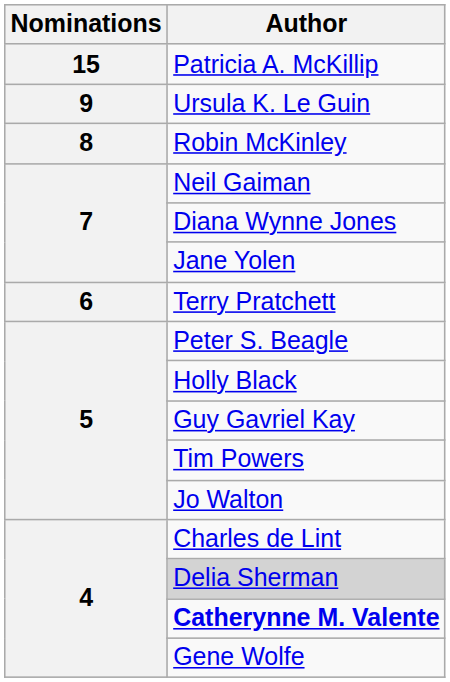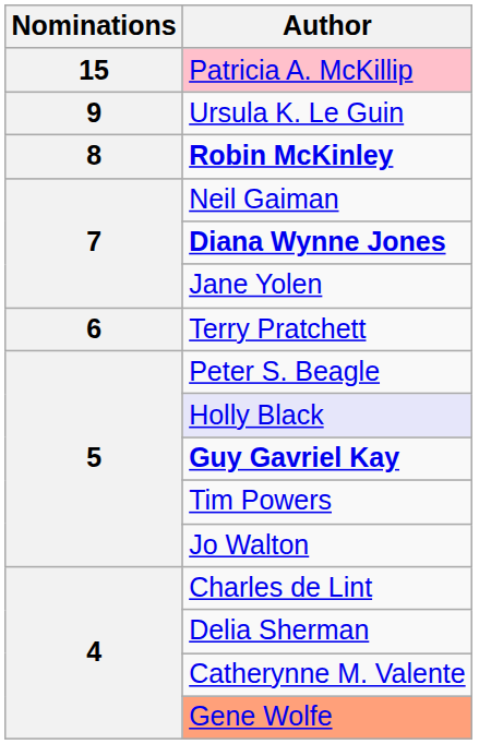 <table class="sortable wikitable">
 <tr>
 <th scope="col">Nominations</th>
 <th scope="col">Author</th>
 </tr>
 <tr>
 <th>15</th>
-<td><a href='#'>Patricia A. McKillip</a></td>
+<td style="background: pink;"><a href='#'>Patricia A. McKillip</a></td>
 </tr>
 <tr>
 <th>9</th>
 <td><a href='#'>Ursula K. Le Guin</a></td>
 </tr>
 <tr>
 <th>8</th>
-<td><a href='#'>Robin McKinley</a></td>
+<td><strong><a href='#'>Robin McKinley</a></strong></td>
 </tr>
 <tr>
 <th rowspan=3>7</th>
 <td><a href='#'>Neil Gaiman</a></td>
 </tr>
 <tr>
-<td><a href='#'>Diana Wynne Jones</a></td>
+<td><strong><a href='#'>Diana Wynne Jones</a></strong></td>
 </tr>
 <tr>
 <td><a href='#'>Jane Yolen</a></td>
 </tr>
 <tr>
 <th>6</th>
 <td><a href='#'>Terry Pratchett</a></td>
 </tr>
 <tr>
 <th rowspan=5>5</th>
 <td><a href='#'>Peter S. Beagle</a></td>
 </tr>
 <tr>
-<td><a href='#'>Holly Black</a></td>
+<td style="background: lavender;"><a href='#'>Holly Black</a></td>
 </tr>
 <tr>
-<td><a href='#'>Guy Gavriel Kay</a></td>
+<td><strong><a href='#'>Guy Gavriel Kay</a></strong></td>
 </tr>
 <tr>
 <td><a href='#'>Tim Powers</a></td>
 </tr>
 <tr>
 <td><a href='#'>Jo Walton</a></td>
 </tr>
 <tr>
 <th rowspan=4>4</th>
 <td><a href='#'>Charles de Lint</a></td>
 </tr>
 <tr>
-<td style="background: lightgrey;"><a href='#'>Delia Sherman</a></td>
+<td><a href='#'>Delia Sherman</a></td>
 </tr>
 <tr>
-<td><strong><a href='#'>Catherynne M. Valente</a></strong></td>
+<td><a href='#'>Catherynne M. Valente</a></td>
 </tr>
 <tr>
-<td><a href='#'>Gene Wolfe</a></td>
+<td style="background: lightsalmon;"><a href='#'>Gene Wolfe</a></td>
 </tr>
 </table>
